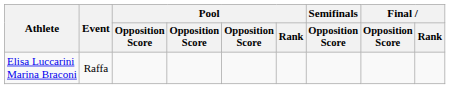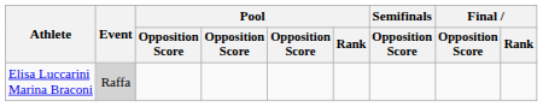 <table class=wikitable style="font-size:90%">
 <tr>
 <th rowspan="2">Athlete</th>
 <th rowspan="2">Event</th>
 <th colspan="4">Pool</th>
 <th>Semifinals</th>
 <th colspan="2">Final / </th>
 </tr>
 <tr style="font-size:95%">
 <th>Opposition<br>Score</th>
 <th>Opposition<br>Score</th>
 <th>Opposition<br>Score</th>
 <th>Rank</th>
 <th>Opposition<br>Score</th>
 <th>Opposition<br>Score</th>
 <th>Rank</th>
 </tr>
 <tr align=center>
 <td align=left><a href='#'>Elisa Luccarini</a><br><a href='#'>Marina Braconi</a></td>
-<td>Raffa</td>
+<td style="background: lightgrey;">Raffa</td>
 <td></td>
 <td></td>
 <td></td>
 <td></td>
 <td></td>
 <td></td>
 <td></td>
 </tr>
 </table>
